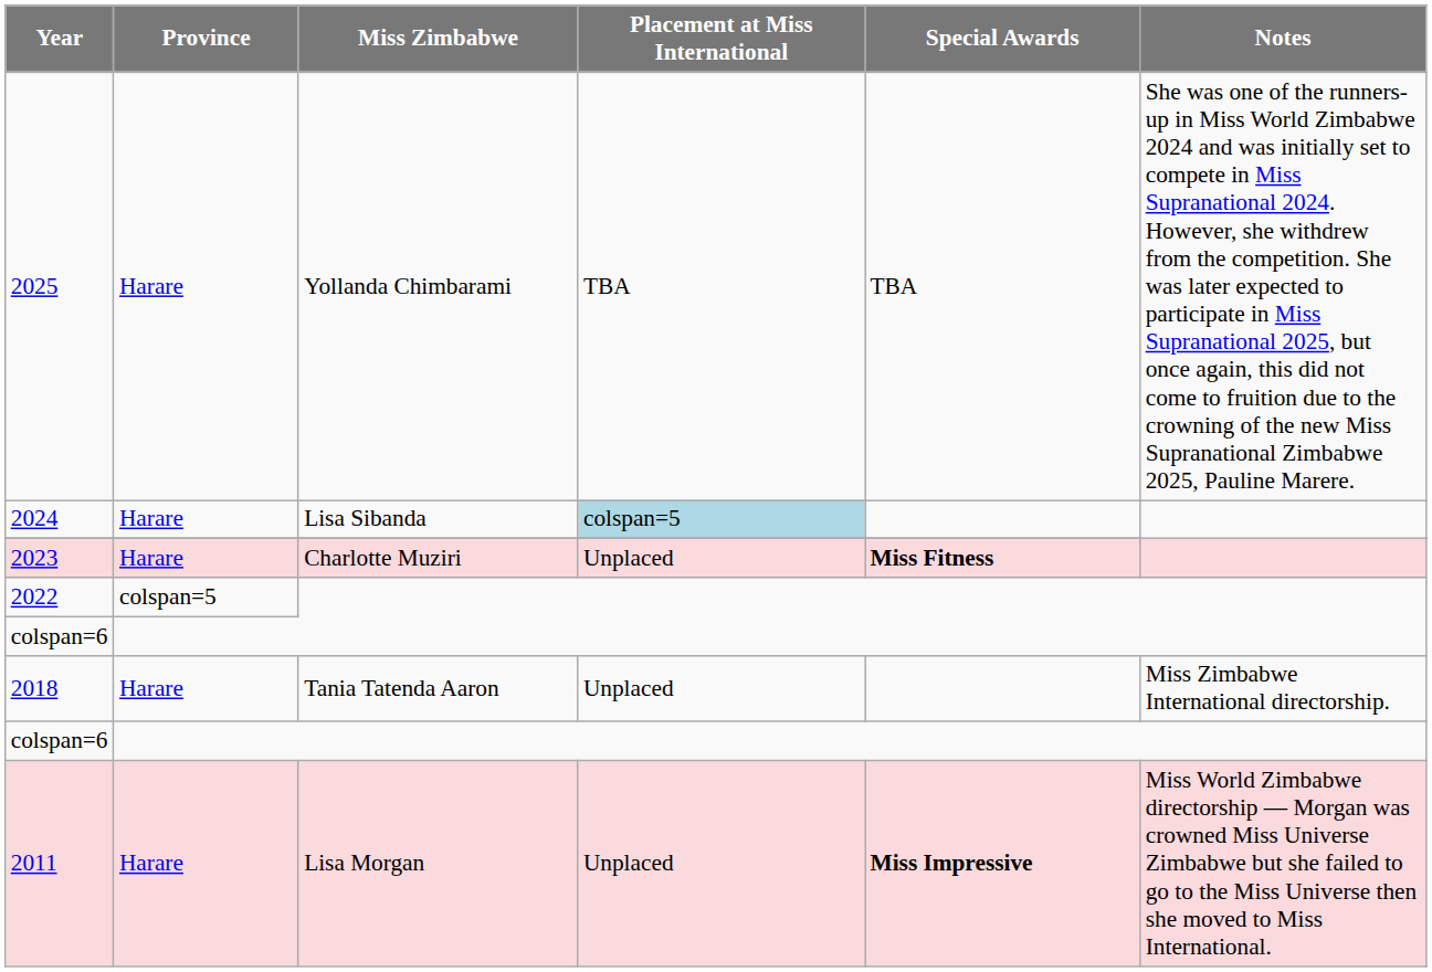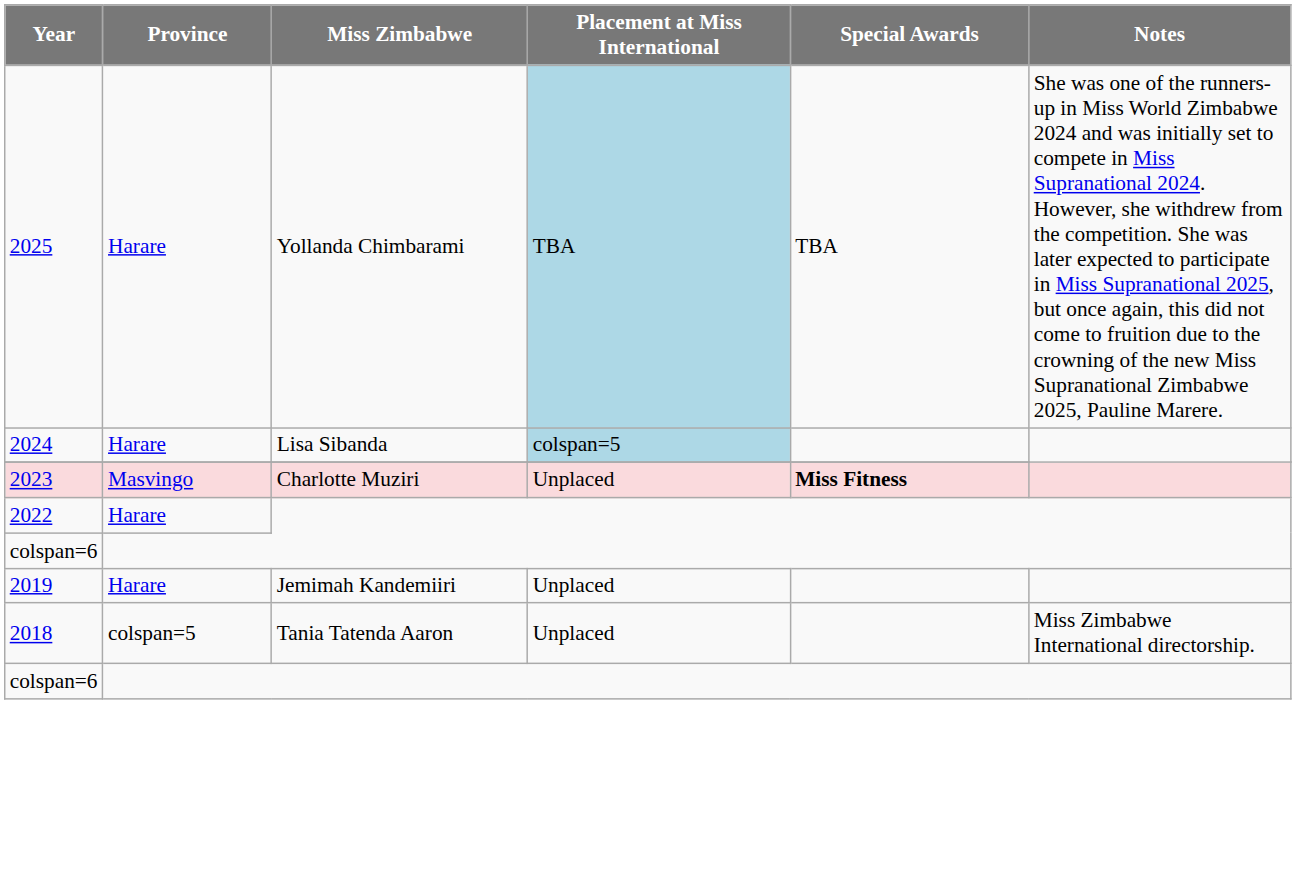 <table class="wikitable " style="font-size: 90%;">
 <tr>
 <th width="60" style="background-color:#787878;color:#FFFFFF;">Year</th>
 <th width="150" style="background-color:#787878;color:#FFFFFF;">Province</th>
 <th width="250" style="background-color:#787878;color:#FFFFFF;">Miss Zimbabwe</th>
 <th width="250" style="background-color:#787878;color:#FFFFFF;">Placement at Miss International</th>
 <th width="250" style="background-color:#787878;color:#FFFFFF;">Special Awards</th>
 <th width="250" style="background-color:#787878;color:#FFFFFF;">Notes</th>
 </tr>
 <tr>
 <td><a href='#'>2025</a></td>
 <td><a href='#'>Harare</a></td>
 <td>Yollanda Chimbarami</td>
-<td>TBA</td>
+<td style="background: lightblue;">TBA</td>
 <td>TBA</td>
 <td>She was one of the runners-up in Miss World Zimbabwe 2024 and was initially set to compete in <a href='#'>Miss Supranational 2024</a>. However, she withdrew from the competition. She was later expected to participate in <a href='#'>Miss Supranational 2025</a>, but once again, this did not come to fruition due to the crowning of the new Miss Supranational Zimbabwe 2025, Pauline Marere.</td>
 </tr>
 <tr>
 <td><a href='#'>2024</a></td>
 <td><a href='#'>Harare</a></td>
 <td>Lisa Sibanda</td>
 <td style="background: lightblue;">colspan=5 </td>
 <td></td>
 </tr>
 <tr>
 </tr>
 <tr style="background-color:#FADADD; ">
 <td><a href='#'>2023</a></td>
-<td><a href='#'>Harare</a></td>
+<td><a href='#'>Masvingo</a></td>
 <td>Charlotte Muziri</td>
 <td>Unplaced</td>
 <td><strong>Miss Fitness</strong></td>
 <td></td>
 </tr>
 <tr>
 <td><a href='#'>2022</a></td>
-<td>colspan=5 </td>
+<td><a href='#'>Harare</a></td>
 </tr>
 <tr>
 <td>colspan=6 </td>
 </tr>
 <tr>
+<td><a href='#'>2019</a></td>
+<td><a href='#'>Harare</a></td>
+<td>Jemimah Kandemiiri</td>
+<td>Unplaced</td>
+<td></td>
+<td></td>
+</tr>
+<tr>
 <td><a href='#'>2018</a></td>
-<td><a href='#'>Harare</a></td>
+<td>colspan=5 </td>
 <td>Tania Tatenda Aaron</td>
 <td>Unplaced</td>
 <td></td>
 <td>Miss Zimbabwe International directorship.</td>
 </tr>
 <tr>
 <td>colspan=6 </td>
 </tr>
-<tr style="background-color:#FADADD; ">
-<td><a href='#'>2011</a></td>
-<td><a href='#'>Harare</a></td>
-<td>Lisa Morgan</td>
-<td>Unplaced</td>
-<td><strong>Miss Impressive</strong></td>
-<td>Miss World Zimbabwe directorship ― Morgan was crowned Miss Universe Zimbabwe but she failed to go to the Miss Universe then she moved to Miss International.</td>
-</tr>
 </table>
